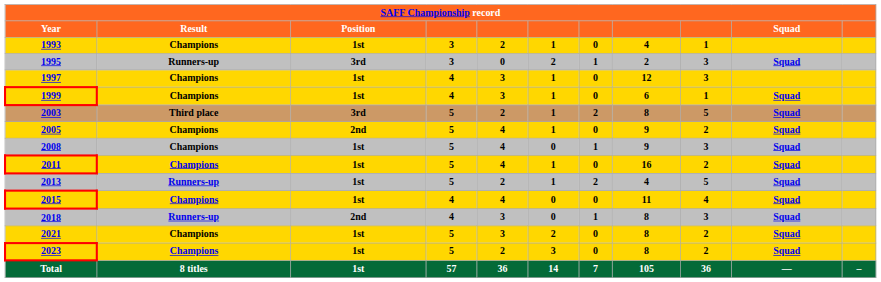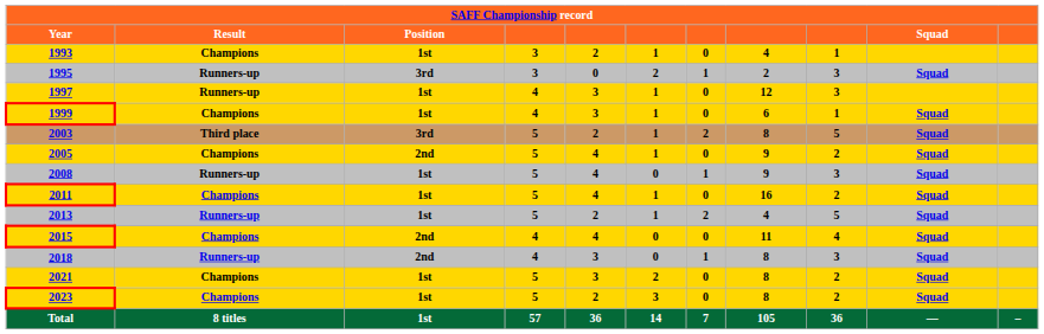 <table class="wikitable" style="font-size:90%; text-align:center;" width="100%" class="wikitable">
 <tr>
 <th colspan=11 style="background:#FF671F; color:white; "><a href='#'>SAFF Championship</a> record</th>
 </tr>
 <tr>
 <th style="background:#FF671F; color:white; ">Year</th>
 <th style="background:#FF671F; color:white; ">Result</th>
 <th style="background:#FF671F; color:white; ">Position</th>
 <th style="background:#FF671F; color:white; "></th>
 <th style="background:#FF671F; color:white; "></th>
 <th style="background:#FF671F; color:white; "></th>
 <th style="background:#FF671F; color:white; "></th>
 <th style="background:#FF671F; color:white; "></th>
 <th style="background:#FF671F; color:white; "></th>
 <th style="background:#FF671F; color:white; ">Squad</th>
 <th style="background:#FF671F; color:white; "></th>
 </tr>
 <tr style="background:gold;">
 <td> <strong><a href='#'>1993</a></strong></td>
 <td><strong>Champions</strong></td>
 <td><strong>1st</strong></td>
 <td><strong>3</strong></td>
 <td><strong>2</strong></td>
 <td><strong>1</strong></td>
 <td><strong>0</strong></td>
 <td><strong>4</strong></td>
 <td><strong>1</strong></td>
 <td><strong></strong></td>
 <td></td>
 </tr>
 <tr style="background:silver;">
 <td> <strong><a href='#'>1995</a></strong></td>
 <td><strong>Runners-up</strong></td>
 <td><strong>3rd</strong></td>
 <td><strong>3</strong></td>
 <td><strong>0</strong></td>
 <td><strong>2</strong></td>
 <td><strong>1</strong></td>
 <td><strong>2</strong></td>
 <td><strong>3</strong></td>
 <td><strong><a href='#'>Squad</a></strong></td>
 <td></td>
 </tr>
 <tr style="background:gold;">
 <td> <strong><a href='#'>1997</a></strong></td>
-<td><strong>Champions</strong></td>
+<td><strong>Runners-up</strong></td>
 <td><strong>1st</strong></td>
 <td><strong>4</strong></td>
 <td><strong>3</strong></td>
 <td><strong>1</strong></td>
 <td><strong>0</strong></td>
 <td><strong>12</strong></td>
 <td><strong>3</strong></td>
 <td><strong></strong></td>
 <td></td>
 </tr>
 <tr style="background:gold;">
 <td style="border: 3px solid red"> <strong><a href='#'>1999</a></strong></td>
 <td><strong>Champions</strong></td>
 <td><strong>1st</strong></td>
 <td><strong>4</strong></td>
 <td><strong>3</strong></td>
 <td><strong>1</strong></td>
 <td><strong>0</strong></td>
 <td><strong>6</strong></td>
 <td><strong>1</strong></td>
 <td><strong><a href='#'>Squad</a></strong></td>
 <td></td>
 </tr>
 <tr style="background:#c96;">
 <td> <strong><a href='#'>2003</a></strong></td>
 <td><strong>Third place</strong></td>
 <td><strong>3rd</strong></td>
 <td><strong>5</strong></td>
 <td><strong>2</strong></td>
 <td><strong>1</strong></td>
 <td><strong>2</strong></td>
 <td><strong>8</strong></td>
 <td><strong>5</strong></td>
 <td><strong><a href='#'>Squad</a></strong></td>
 <td></td>
 </tr>
 <tr style="background:gold;">
 <td> <strong><a href='#'>2005</a></strong></td>
 <td><strong>Champions</strong></td>
 <td><strong>2nd</strong></td>
 <td><strong>5</strong></td>
 <td><strong>4</strong></td>
 <td><strong>1</strong></td>
 <td><strong>0</strong></td>
 <td><strong>9</strong></td>
 <td><strong>2</strong></td>
 <td><strong><a href='#'>Squad</a></strong></td>
 <td></td>
 </tr>
 <tr style="background:silver;">
 <td>  <strong><a href='#'>2008</a></strong></td>
-<td><strong>Champions</strong></td>
+<td><strong>Runners-up</strong></td>
 <td><strong>1st</strong></td>
 <td><strong>5</strong></td>
 <td><strong>4</strong></td>
 <td><strong>0</strong></td>
 <td><strong>1</strong></td>
 <td><strong>9</strong></td>
 <td><strong>3</strong></td>
 <td><strong><a href='#'>Squad</a></strong></td>
 <td></td>
 </tr>
 <tr style="background:gold;">
 <td style="border: 3px solid red"> <strong><a href='#'>2011</a></strong></td>
 <td><strong><a href='#'>Champions</a></strong></td>
 <td><strong>1st</strong></td>
 <td><strong>5</strong></td>
 <td><strong>4</strong></td>
 <td><strong>1</strong></td>
 <td><strong>0</strong></td>
 <td><strong>16</strong></td>
 <td><strong>2</strong></td>
 <td><strong><a href='#'>Squad</a></strong></td>
 <td></td>
 </tr>
 <tr style="background:silver;">
 <td> <strong><a href='#'>2013</a></strong></td>
 <td><strong><a href='#'>Runners-up</a></strong></td>
 <td><strong>1st</strong></td>
 <td><strong>5</strong></td>
 <td><strong>2</strong></td>
 <td><strong>1</strong></td>
 <td><strong>2</strong></td>
 <td><strong>4</strong></td>
 <td><strong>5</strong></td>
 <td><strong><a href='#'>Squad</a></strong></td>
 <td></td>
 </tr>
 <tr style="background:gold;">
 <td style="border: 3px solid red"> <strong><a href='#'>2015</a></strong></td>
 <td><strong><a href='#'>Champions</a></strong></td>
-<td><strong>1st</strong></td>
+<td><strong>2nd</strong></td>
 <td><strong>4</strong></td>
 <td><strong>4</strong></td>
 <td><strong>0</strong></td>
 <td><strong>0</strong></td>
 <td><strong>11</strong></td>
 <td><strong>4</strong></td>
 <td><strong><a href='#'>Squad</a></strong></td>
 <td></td>
 </tr>
 <tr style="background:silver;">
 <td> <strong><a href='#'>2018</a></strong></td>
 <td><strong><a href='#'>Runners-up</a></strong></td>
 <td><strong>2nd</strong></td>
 <td><strong>4</strong></td>
 <td><strong>3</strong></td>
 <td><strong>0</strong></td>
 <td><strong>1</strong></td>
 <td><strong>8</strong></td>
 <td><strong>3</strong></td>
 <td><strong><a href='#'>Squad</a></strong></td>
 <td></td>
 </tr>
 <tr style="background:gold;">
 <td> <strong><a href='#'>2021</a></strong></td>
 <td><strong>Champions</strong></td>
 <td><strong>1st</strong></td>
 <td><strong>5</strong></td>
 <td><strong>3</strong></td>
 <td><strong>2</strong></td>
 <td><strong>0</strong></td>
 <td><strong>8</strong></td>
 <td><strong>2</strong></td>
 <td><strong><a href='#'>Squad</a></strong></td>
 <td></td>
 </tr>
 <tr style="background:gold;">
 <td style="border: 3px solid red"> <strong><a href='#'>2023</a></strong></td>
 <td><strong><a href='#'>Champions</a></strong></td>
 <td><strong>1st</strong></td>
 <td><strong>5</strong></td>
 <td><strong>2</strong></td>
 <td><strong>3</strong></td>
 <td><strong>0</strong></td>
 <td><strong>8</strong></td>
 <td><strong>2</strong></td>
 <td><strong><a href='#'>Squad</a></strong></td>
 <td></td>
 </tr>
 <tr>
 <th style="background:#046A38; color:white; "><strong>Total</strong></th>
 <th style="background:#046A38; color:white; ">8 titles</th>
 <th style="background:#046A38; color:white; ">1st</th>
 <th style="background:#046A38; color:white; ">57</th>
 <th style="background:#046A38; color:white; ">36</th>
 <th style="background:#046A38; color:white; ">14</th>
 <th style="background:#046A38; color:white; ">7</th>
 <th style="background:#046A38; color:white; ">105</th>
 <th style="background:#046A38; color:white; ">36</th>
 <th style="background:#046A38; color:white; ">—</th>
 <th style="background:#046A38; color:white; ">–</th>
 </tr>
 </table>
